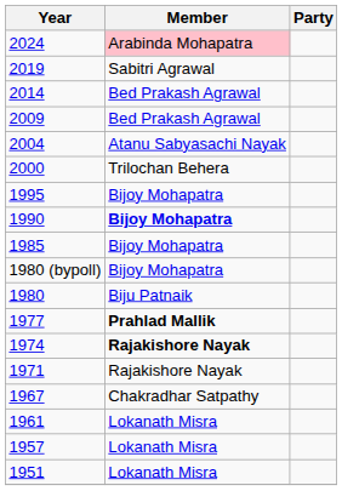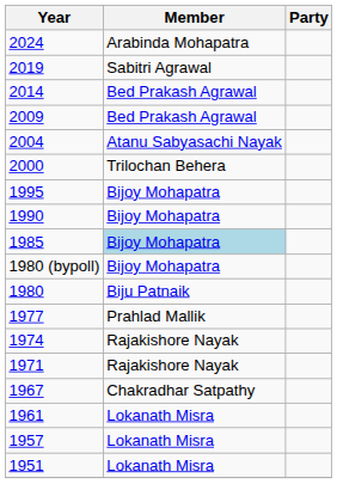 <table class="wikitable sortable">
 <tr>
 <th>Year</th>
 <th>Member</th>
 <th colspan=2>Party</th>
 </tr>
 <tr>
 <td><a href='#'>2024</a></td>
-<td style="background: pink;">Arabinda Mohapatra</td>
+<td>Arabinda Mohapatra</td>
 <td></td>
 </tr>
 <tr>
 <td><a href='#'>2019</a></td>
 <td>Sabitri Agrawal</td>
 <td></td>
 </tr>
 <tr>
 <td><a href='#'>2014</a></td>
 <td><a href='#'>Bed Prakash Agrawal</a></td>
 <td></td>
 </tr>
 <tr>
 <td><a href='#'>2009</a></td>
 <td><a href='#'>Bed Prakash Agrawal</a></td>
 <td></td>
 </tr>
 <tr>
 <td><a href='#'>2004</a></td>
 <td><a href='#'>Atanu Sabyasachi Nayak</a></td>
 <td></td>
 </tr>
 <tr>
 <td><a href='#'>2000</a></td>
 <td>Trilochan Behera</td>
 <td></td>
 </tr>
 <tr>
 <td><a href='#'>1995</a></td>
 <td><a href='#'>Bijoy Mohapatra</a></td>
 <td></td>
 </tr>
 <tr>
 <td><a href='#'>1990</a></td>
-<td><strong><a href='#'>Bijoy Mohapatra</a></strong></td>
+<td><a href='#'>Bijoy Mohapatra</a></td>
 <td></td>
 </tr>
 <tr>
 <td><a href='#'>1985</a></td>
-<td><a href='#'>Bijoy Mohapatra</a></td>
+<td style="background: lightblue;"><a href='#'>Bijoy Mohapatra</a></td>
 <td></td>
 </tr>
 <tr>
 <td>1980 (bypoll)</td>
 <td><a href='#'>Bijoy Mohapatra</a></td>
 <td></td>
 </tr>
 <tr>
 <td><a href='#'>1980</a></td>
 <td><a href='#'>Biju Patnaik</a></td>
 <td></td>
 </tr>
 <tr>
 <td><a href='#'>1977</a></td>
-<td><strong>Prahlad Mallik</strong></td>
+<td>Prahlad Mallik</td>
 <td></td>
 </tr>
 <tr>
 <td><a href='#'>1974</a></td>
-<td><strong>Rajakishore Nayak</strong></td>
+<td>Rajakishore Nayak</td>
 <td></td>
 </tr>
 <tr>
 <td><a href='#'>1971</a></td>
 <td>Rajakishore Nayak</td>
 <td></td>
 </tr>
 <tr>
 <td><a href='#'>1967</a></td>
 <td>Chakradhar Satpathy</td>
 <td></td>
 </tr>
 <tr>
 <td><a href='#'>1961</a></td>
 <td><a href='#'>Lokanath Misra</a></td>
 <td></td>
 </tr>
 <tr>
 <td><a href='#'>1957</a></td>
 <td><a href='#'>Lokanath Misra</a></td>
 <td></td>
 </tr>
 <tr>
 <td><a href='#'>1951</a></td>
 <td><a href='#'>Lokanath Misra</a></td>
 <td></td>
 </tr>
 <tr>
 </tr>
 </table>
